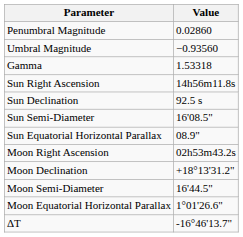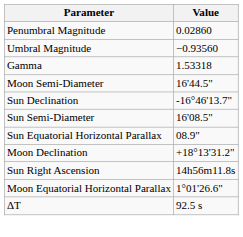 <table class="wikitable">
 <tr>
 <th>Parameter</th>
 <th>Value</th>
 </tr>
 <tr>
 <td>Penumbral Magnitude</td>
 <td>0.02860</td>
 </tr>
 <tr>
 <td>Umbral Magnitude</td>
 <td>−0.93560</td>
 </tr>
 <tr>
 <td>Gamma</td>
 <td>1.53318</td>
 </tr>
 <tr>
-<td>Sun Right Ascension</td>
-<td>14h56m11.8s</td>
+<td>Moon Semi-Diameter</td>
+<td>16'44.5"</td>
 </tr>
 <tr>
 <td>Sun Declination</td>
-<td>92.5 s</td>
+<td>-16°46'13.7"</td>
 </tr>
 <tr>
 <td>Sun Semi-Diameter</td>
 <td>16'08.5"</td>
 </tr>
 <tr>
 <td>Sun Equatorial Horizontal Parallax</td>
 <td>08.9"</td>
 </tr>
 <tr>
-<td>Moon Right Ascension</td>
-<td>02h53m43.2s</td>
-</tr>
-<tr>
 <td>Moon Declination</td>
 <td>+18°13'31.2"</td>
 </tr>
 <tr>
-<td>Moon Semi-Diameter</td>
-<td>16'44.5"</td>
+<td>Sun Right Ascension</td>
+<td>14h56m11.8s</td>
 </tr>
 <tr>
 <td>Moon Equatorial Horizontal Parallax</td>
 <td>1°01'26.6"</td>
 </tr>
 <tr>
 <td>ΔT</td>
-<td>-16°46'13.7"</td>
+<td>92.5 s</td>
 </tr>
 </table>
